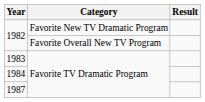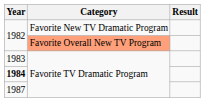 <table class="wikitable" style="font-size: 95%">
 <tr>
 <th>Year</th>
 <th>Category</th>
 <th>Result</th>
 </tr>
 <tr>
 <td rowspan=2>1982</td>
 <td>Favorite New TV Dramatic Program</td>
 <td></td>
 </tr>
 <tr>
-<td>Favorite Overall New TV Program</td>
+<td style="background: lightsalmon;">Favorite Overall New TV Program</td>
 <td></td>
 </tr>
 <tr>
 <td>1983</td>
 <td rowspan=3>Favorite TV Dramatic Program</td>
 <td></td>
 </tr>
 <tr>
-<td>1984</td>
+<td><strong>1984</strong></td>
 <td></td>
 </tr>
 <tr>
 <td>1987</td>
 <td></td>
 </tr>
 </table>
